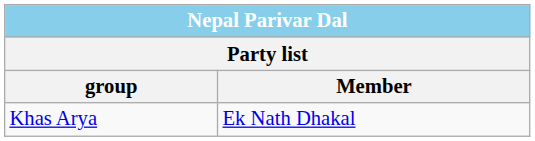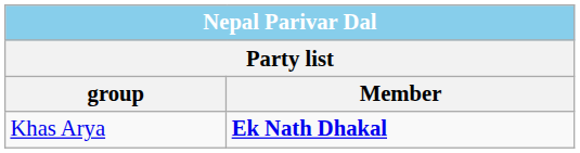 <table role="presentation" class="wikitable mw-collapsible mw-collapsed">
 <tr>
 <th colspan="2" style="width: 300pt; background:#87CEEB; color: white;">Nepal Parivar Dal</th>
 </tr>
 <tr>
 <th colspan="2">Party list</th>
 </tr>
 <tr>
 <th> group</th>
 <th>Member</th>
 </tr>
 <tr>
 <td><a href='#'>Khas Arya</a></td>
-<td><a href='#'>Ek Nath Dhakal</a></td>
+<td><strong><a href='#'>Ek Nath Dhakal</a></strong></td>
 </tr>
 </table>
